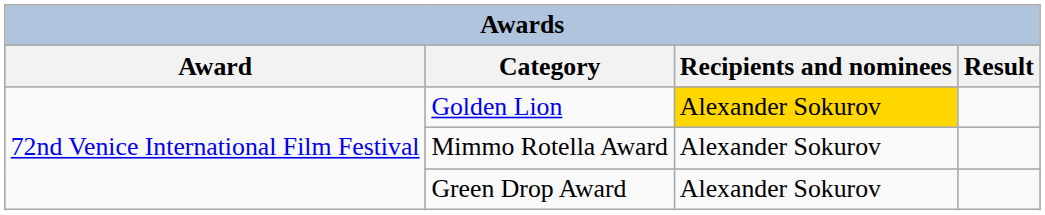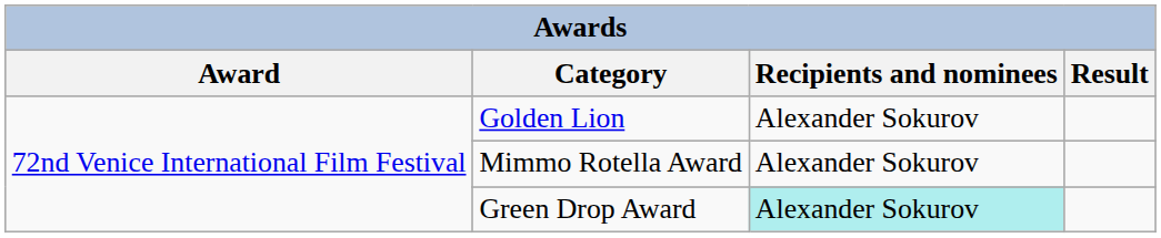 <table class="wikitable sortable">
 <tr>
 <th colspan="5" style="background: LightSteelBlue;">Awards</th>
 </tr>
 <tr style="background:#ccc; text-align:center;">
 <th>Award</th>
 <th>Category</th>
 <th>Recipients and nominees</th>
 <th>Result</th>
 </tr>
 <tr>
 <td rowspan="5"><a href='#'>72nd Venice International Film Festival</a></td>
 <td><a href='#'>Golden Lion</a></td>
-<td style="background: gold;">Alexander Sokurov</td>
+<td>Alexander Sokurov</td>
 <td></td>
 </tr>
 <tr>
 <td>Mimmo Rotella Award</td>
 <td>Alexander Sokurov</td>
 <td></td>
 </tr>
 <tr>
 <td>Green Drop Award</td>
-<td>Alexander Sokurov</td>
+<td style="background: paleturquoise;">Alexander Sokurov</td>
 <td></td>
 </tr>
 </table>
